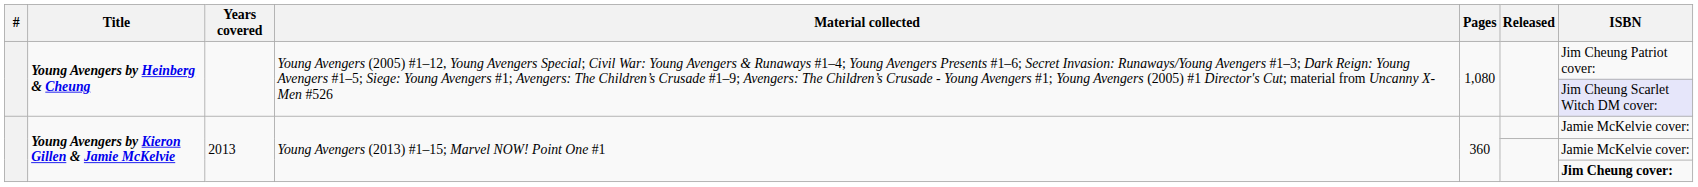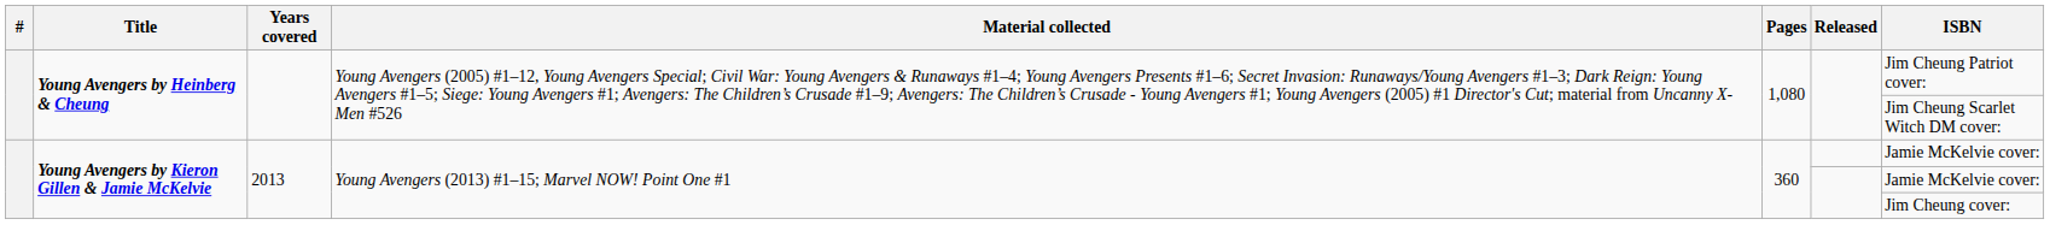 <table class="wikitable sortable" width="99%">
 <tr>
 <th class="unsortable" width="20px">#</th>
 <th>Title</th>
 <th>Years covered</th>
 <th class="unsortable">Material collected</th>
 <th>Pages</th>
 <th>Released</th>
 <th class="unsortable">ISBN</th>
 </tr>
 <tr>
 <th rowspan="2" style="background-color: light grey;"></th>
 <td rowspan="2"><strong><em>Young Avengers by <a href='#'>Heinberg</a> & <a href='#'>Cheung</a></em></strong></td>
 <td rowspan="2"></td>
 <td rowspan="2"><em>Young Avengers</em> (2005) #1–12, <em>Young Avengers Special</em>; <em>Civil War: Young Avengers & Runaways</em> #1–4; <em>Young Avengers Presents</em> #1–6; <em>Secret Invasion: Runaways/Young Avengers</em> #1–3; <em>Dark Reign: Young Avengers</em> #1–5; <em>Siege: Young Avengers</em> #1; <em>Avengers: The Children’s Crusade</em> #1–9; <em>Avengers: The Children’s Crusade - Young Avengers</em> #1; <em>Young Avengers</em> (2005) #1 <em>Director's Cut</em>; material from <em>Uncanny X-Men</em> #526</td>
 <td rowspan="2" style="text-align: center;">1,080</td>
 <td rowspan="2"></td>
 <td>Jim Cheung Patriot cover: </td>
 </tr>
 <tr>
-<td style="background: lavender;">Jim Cheung Scarlet Witch DM cover: </td>
+<td>Jim Cheung Scarlet Witch DM cover: </td>
 </tr>
 <tr>
 <th rowspan="3" style="background-color: light grey;"></th>
 <td rowspan="3"><strong><em>Young Avengers by <a href='#'>Kieron Gillen</a> & <a href='#'>Jamie McKelvie</a></em></strong></td>
 <td rowspan="3">2013</td>
 <td rowspan="3"><em>Young Avengers</em> (2013) #1–15; <em>Marvel NOW! Point One</em> #1</td>
 <td rowspan="3" style="text-align: center;">360</td>
 <td></td>
 <td>Jamie McKelvie cover: </td>
 </tr>
 <tr>
 <td rowspan="2"></td>
 <td>Jamie McKelvie cover: </td>
 </tr>
 <tr>
-<td><strong>Jim Cheung cover: </strong></td>
+<td>Jim Cheung cover: </td>
 </tr>
 </table>
